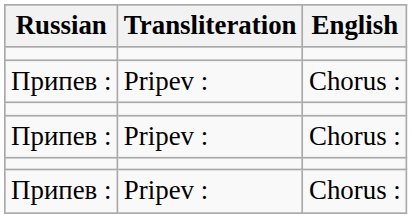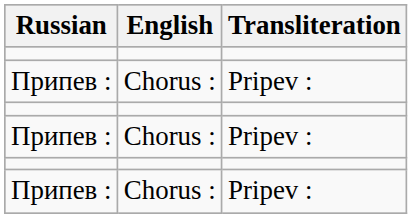 <table class="wikitable">
 <tr>
 <th>Russian</th>
+<th>English</th>
 <th>Transliteration</th>
-<th>English</th>
 </tr>
 <tr>
 <td></td>
 <td></td>
 <td></td>
 </tr>
 <tr>
 <td>Припев :<br></td>
+<td>Chorus :<br></td>
 <td>Pripev :<br></td>
-<td>Chorus :<br></td>
 </tr>
 <tr>
 <td></td>
 <td></td>
 <td></td>
 </tr>
 <tr>
 <td>Припев :<br></td>
+<td>Chorus :<br></td>
 <td>Pripev :<br></td>
-<td>Chorus :<br></td>
 </tr>
 <tr>
 <td></td>
 <td></td>
 <td></td>
 </tr>
 <tr>
 <td>Припев :<br></td>
+<td>Chorus :<br></td>
 <td>Pripev :<br></td>
-<td>Chorus :<br></td>
 </tr>
 </table>
